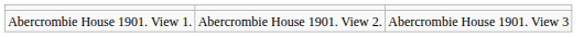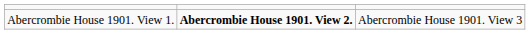 <table class="wikitable" border="1">
 <tr>
 <td></td>
 <td></td>
 <td></td>
 </tr>
 <tr>
 <td>Abercrombie House 1901. View 1.</td>
-<td>Abercrombie House 1901. View 2.</td>
+<td><strong>Abercrombie House 1901. View 2.</strong></td>
 <td>Abercrombie House 1901. View 3</td>
 </tr>
 </table>
